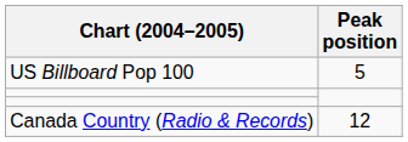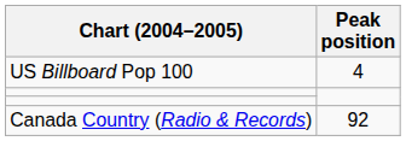 <table class="wikitable sortable">
 <tr>
 <th align="left">Chart (2004–2005)</th>
 <th align="center">Peak<br>position</th>
 </tr>
 <tr>
 <td align="left">US <em>Billboard</em> Pop 100</td>
-<td align="center">5</td>
+<td align="center">4</td>
 </tr>
 <tr>
 <td></td>
 </tr>
 <tr>
 <td></td>
 </tr>
 <tr>
 <td align="left">Canada <a href='#'>Country</a> (<em><a href='#'>Radio & Records</a></em>)</td>
-<td align="center">12</td>
+<td align="center">92</td>
 </tr>
 </table>
